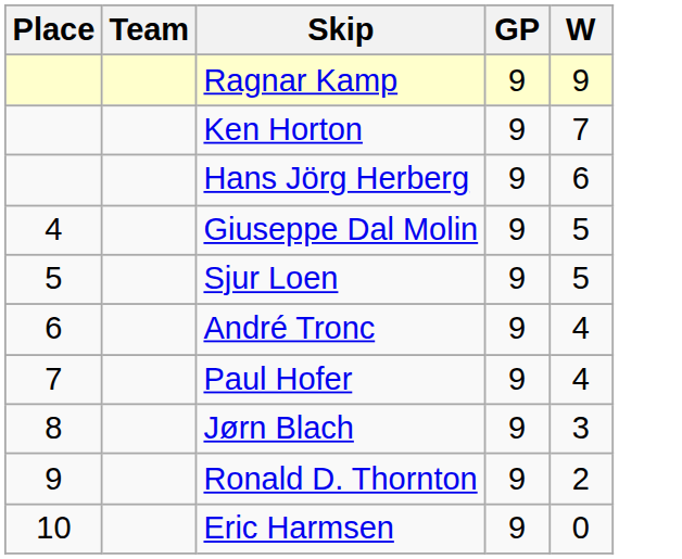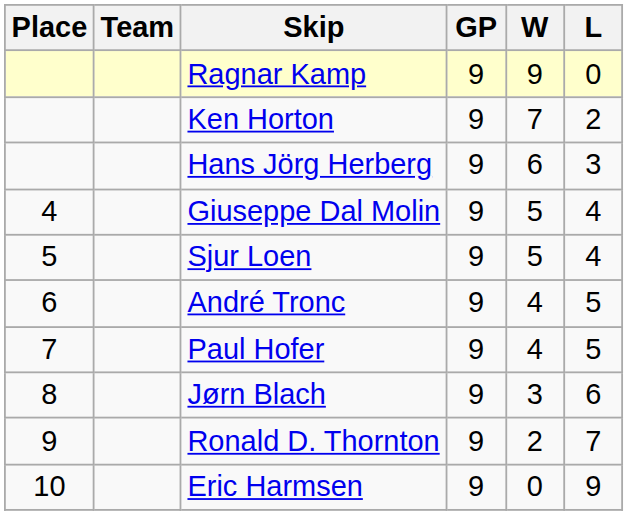 <table class="wikitable" style="text-align:center;">
 <tr>
 <th>Place</th>
 <th>Team</th>
 <th>Skip</th>
 <th width="25">GP</th>
 <th width="25">W</th>
+<th width="25">L</th>
 </tr>
 <tr bgcolor="#ffffcc">
 <td></td>
 <td align=left></td>
 <td align=left><a href='#'>Ragnar Kamp</a></td>
 <td>9</td>
 <td>9</td>
+<td>0</td>
 </tr>
 <tr>
 <td></td>
 <td align=left></td>
 <td align=left><a href='#'>Ken Horton</a></td>
 <td>9</td>
 <td>7</td>
+<td>2</td>
 </tr>
 <tr>
 <td></td>
 <td align=left></td>
 <td align=left><a href='#'>Hans Jörg Herberg</a></td>
 <td>9</td>
 <td>6</td>
+<td>3</td>
 </tr>
 <tr>
 <td>4</td>
 <td align=left></td>
 <td align=left><a href='#'>Giuseppe Dal Molin</a></td>
 <td>9</td>
 <td>5</td>
+<td>4</td>
 </tr>
 <tr>
 <td>5</td>
 <td align=left></td>
 <td align=left><a href='#'>Sjur Loen</a></td>
 <td>9</td>
 <td>5</td>
+<td>4</td>
 </tr>
 <tr>
 <td>6</td>
 <td align=left></td>
 <td align=left><a href='#'>André Tronc</a></td>
 <td>9</td>
 <td>4</td>
+<td>5</td>
 </tr>
 <tr>
 <td>7</td>
 <td align=left></td>
 <td align=left><a href='#'>Paul Hofer</a></td>
 <td>9</td>
 <td>4</td>
+<td>5</td>
 </tr>
 <tr>
 <td>8</td>
 <td align=left></td>
 <td align=left><a href='#'>Jørn Blach</a></td>
 <td>9</td>
 <td>3</td>
+<td>6</td>
 </tr>
 <tr>
 <td>9</td>
 <td align=left></td>
 <td align=left><a href='#'>Ronald D. Thornton</a></td>
 <td>9</td>
 <td>2</td>
+<td>7</td>
 </tr>
 <tr>
 <td>10</td>
 <td align=left></td>
 <td align=left><a href='#'>Eric Harmsen</a></td>
 <td>9</td>
 <td>0</td>
+<td>9</td>
 </tr>
 </table>
